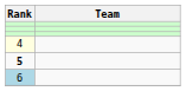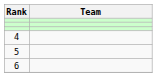 <table class=wikitable style="text-align:center;">
 <tr>
 <th>Rank</th>
 <th width=180>Team</th>
 </tr>
 <tr bgcolor=#CCFFCC>
 <td></td>
 <td align="left"></td>
 </tr>
 <tr bgcolor=#CCFFCC>
 <td></td>
 <td align="left"></td>
 </tr>
 <tr bgcolor=#CCFFCC>
 <td></td>
 <td align="left"></td>
 </tr>
 <tr>
-<td style="background: lightyellow;">4</td>
+<td>4</td>
 <td align="left"></td>
 </tr>
 <tr>
-<td><strong>5</strong></td>
+<td>5</td>
 <td align="left"></td>
 </tr>
 <tr>
-<td style="background: lightblue;">6</td>
+<td>6</td>
 <td align="left"></td>
 </tr>
 <tr>
 </tr>
 </table>
